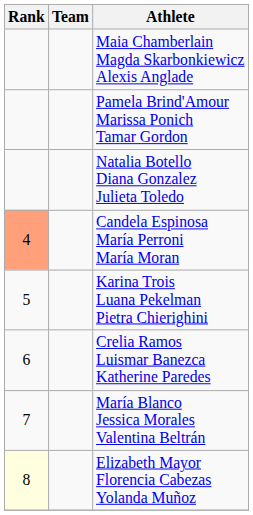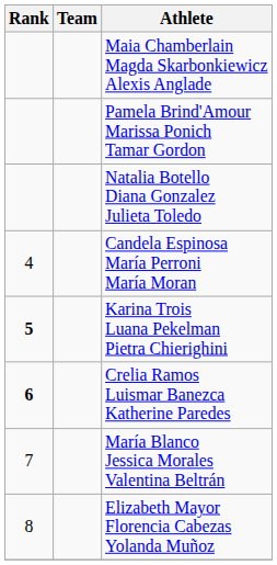 <table class="wikitable sortable" style="text-align:center">
 <tr>
 <th>Rank</th>
 <th>Team</th>
 <th class="unsortable">Athlete</th>
 </tr>
 <tr>
 <td></td>
 <td align="left"></td>
 <td align="left"><a href='#'>Maia Chamberlain</a><br><a href='#'>Magda Skarbonkiewicz</a><br><a href='#'>Alexis Anglade</a></td>
 </tr>
 <tr>
 <td></td>
 <td align="left"></td>
 <td align="left"><a href='#'>Pamela Brind'Amour</a><br><a href='#'>Marissa Ponich</a><br><a href='#'>Tamar Gordon</a></td>
 </tr>
 <tr>
 <td></td>
 <td align="left"></td>
 <td align="left"><a href='#'>Natalia Botello</a><br><a href='#'>Diana Gonzalez</a><br><a href='#'>Julieta Toledo</a></td>
 </tr>
 <tr>
-<td style="background: lightsalmon;">4</td>
+<td>4</td>
 <td align="left"></td>
 <td align="left"><a href='#'>Candela Espinosa</a><br><a href='#'>María Perroni</a><br><a href='#'>María Moran</a></td>
 </tr>
 <tr>
-<td>5</td>
+<td><strong>5</strong></td>
 <td align="left"></td>
 <td align="left"><a href='#'>Karina Trois</a><br><a href='#'>Luana Pekelman</a><br><a href='#'>Pietra Chierighini</a></td>
 </tr>
 <tr>
-<td>6</td>
+<td><strong>6</strong></td>
 <td align="left"></td>
 <td align="left"><a href='#'>Crelia Ramos</a><br><a href='#'>Luismar Banezca</a><br><a href='#'>Katherine Paredes</a></td>
 </tr>
 <tr>
 <td>7</td>
 <td align="left"></td>
 <td align="left"><a href='#'>María Blanco</a><br><a href='#'>Jessica Morales</a><br><a href='#'>Valentina Beltrán</a></td>
 </tr>
 <tr>
-<td style="background: lightyellow;">8</td>
+<td>8</td>
 <td align="left"></td>
 <td align="left"><a href='#'>Elizabeth Mayor</a><br><a href='#'>Florencia Cabezas</a><br><a href='#'>Yolanda Muñoz</a></td>
 </tr>
 <tr>
 </tr>
 </table>
